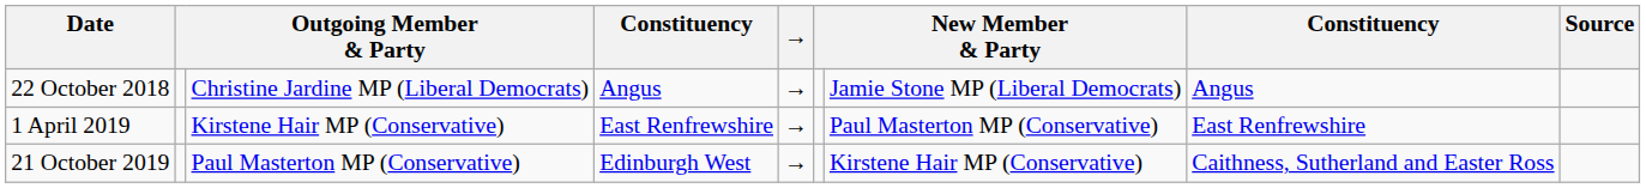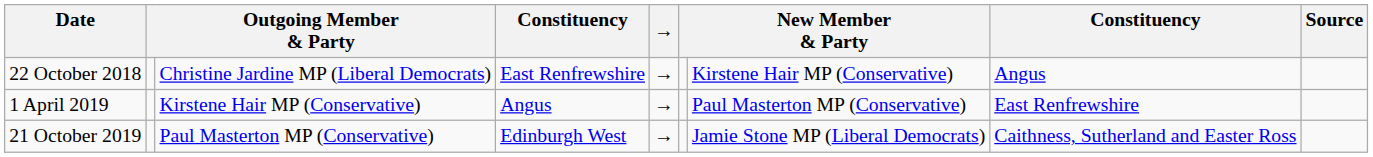 <table class="wikitable">
 <tr>
 <th valign="top">Date</th>
 <th colspan="2" valign="top">Outgoing Member<br>& Party</th>
 <th valign="top">Constituency</th>
 <th>→</th>
 <th colspan="2" valign="top">New Member<br>& Party</th>
 <th valign="top">Constituency</th>
 <th valign="top">Source</th>
 </tr>
 <tr>
 <td>22 October 2018</td>
 <td style="color:inherit;background:"></td>
 <td><a href='#'>Christine Jardine</a> MP (<a href='#'>Liberal Democrats</a>)</td>
-<td><a href='#'>Angus</a></td>
+<td><a href='#'>East Renfrewshire</a></td>
 <td>→</td>
 <td style="color:inherit;background:"></td>
-<td><a href='#'>Jamie Stone</a> MP (<a href='#'>Liberal Democrats</a>)</td>
+<td><a href='#'>Kirstene Hair</a> MP (<a href='#'>Conservative</a>)</td>
 <td><a href='#'>Angus</a></td>
 <td></td>
 </tr>
 <tr>
 <td>1 April 2019</td>
 <td style="color:inherit;background:"></td>
 <td><a href='#'>Kirstene Hair</a> MP (<a href='#'>Conservative</a>)</td>
-<td><a href='#'>East Renfrewshire</a></td>
+<td><a href='#'>Angus</a></td>
 <td>→</td>
 <td style="color:inherit;background:"></td>
 <td><a href='#'>Paul Masterton</a> MP (<a href='#'>Conservative</a>)</td>
 <td><a href='#'>East Renfrewshire</a></td>
 <td></td>
 </tr>
 <tr>
 <td>21 October 2019</td>
 <td style="color:inherit;background:"></td>
 <td><a href='#'>Paul Masterton</a> MP (<a href='#'>Conservative</a>)</td>
 <td><a href='#'>Edinburgh West</a></td>
 <td>→</td>
 <td style="color:inherit;background:"></td>
-<td><a href='#'>Kirstene Hair</a> MP (<a href='#'>Conservative</a>)</td>
+<td><a href='#'>Jamie Stone</a> MP (<a href='#'>Liberal Democrats</a>)</td>
 <td><a href='#'>Caithness, Sutherland and Easter Ross</a></td>
 <td></td>
 </tr>
 </table>
